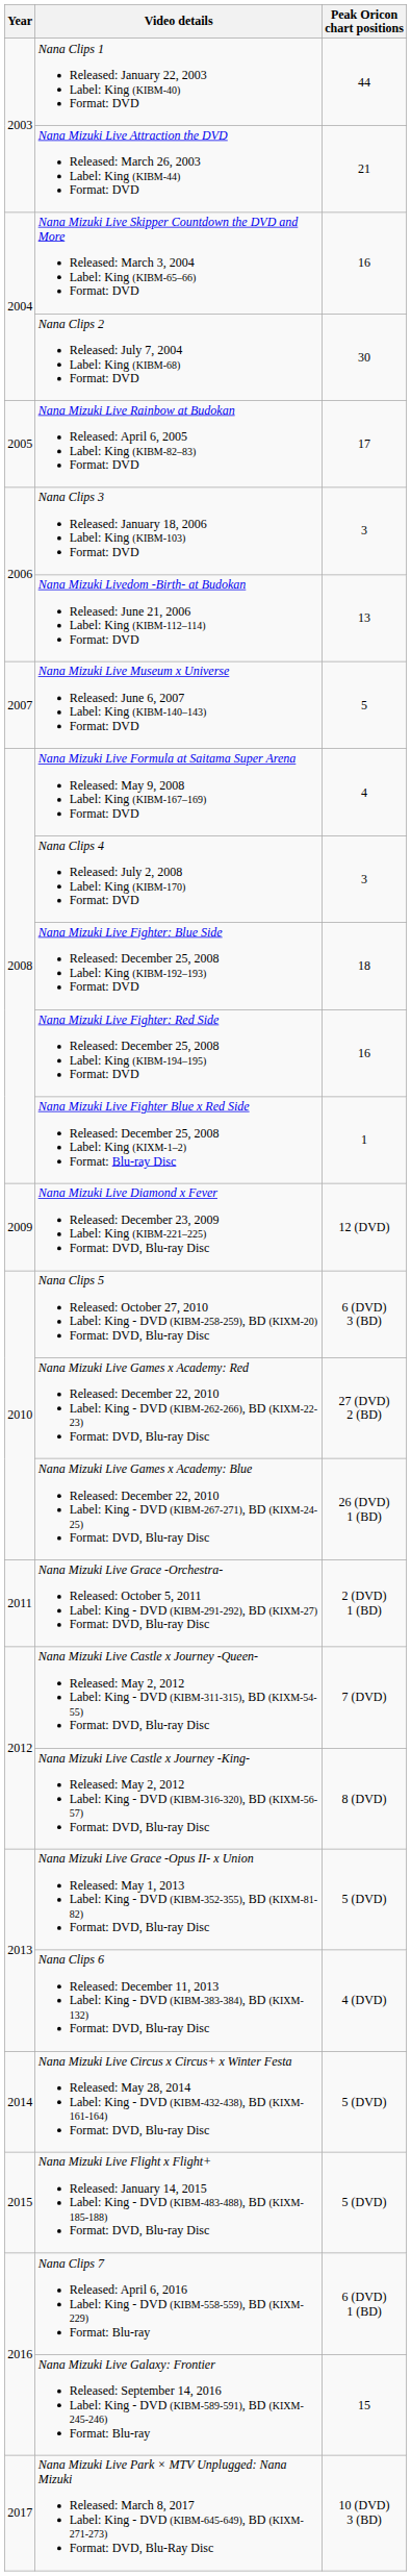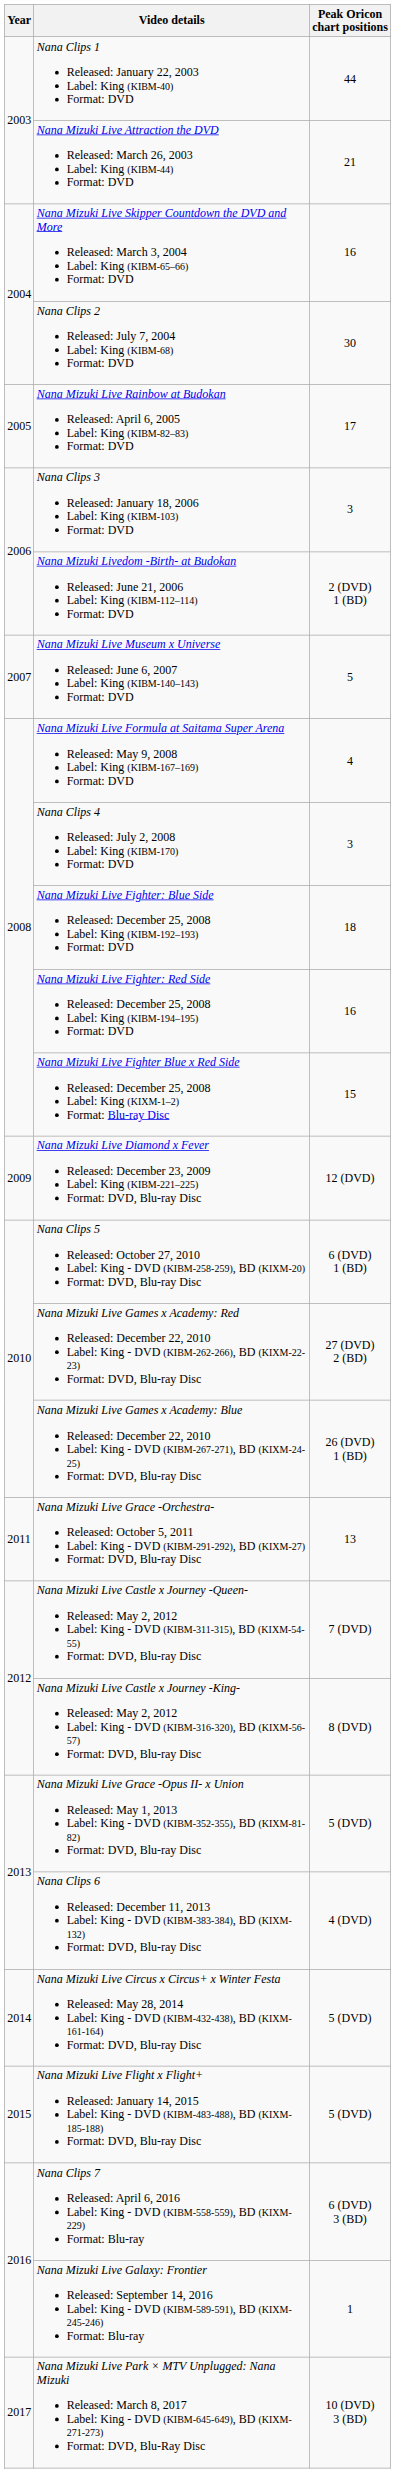 <table class="wikitable" border="1">
 <tr>
 <th rowspan="1">Year</th>
 <th rowspan="1" width="360">Video details</th>
 <th colspan="1">Peak Oricon<br> chart positions</th>
 </tr>
 <tr>
 <td rowspan="2">2003</td>
 <td align="left"><em>Nana Clips 1</em><br><ul><li>Released: January 22, 2003</li><li>Label: King <small>(KIBM-40)</small></li><li>Format: DVD</li></ul></td>
 <td align="center">44</td>
 </tr>
 <tr>
 <td align="left"><em><a href='#'>Nana Mizuki Live Attraction the DVD</a></em><br><ul><li>Released: March 26, 2003</li><li>Label: King <small>(KIBM-44)</small></li><li>Format: DVD</li></ul></td>
 <td align="center">21</td>
 </tr>
 <tr>
 <td rowspan="2">2004</td>
 <td align="left"><em><a href='#'>Nana Mizuki Live Skipper Countdown the DVD and More</a></em><br><ul><li>Released: March 3, 2004</li><li>Label: King <small>(KIBM-65–66)</small></li><li>Format: DVD</li></ul></td>
 <td align="center">16</td>
 </tr>
 <tr>
 <td align="left"><em>Nana Clips 2</em><br><ul><li>Released: July 7, 2004</li><li>Label: King <small>(KIBM-68)</small></li><li>Format: DVD</li></ul></td>
 <td align="center">30</td>
 </tr>
 <tr>
 <td>2005</td>
 <td align="left"><em><a href='#'>Nana Mizuki Live Rainbow at Budokan</a></em><br><ul><li>Released: April 6, 2005</li><li>Label: King <small>(KIBM-82–83)</small></li><li>Format: DVD</li></ul></td>
 <td align="center">17</td>
 </tr>
 <tr>
 <td rowspan="2">2006</td>
 <td align="left"><em>Nana Clips 3</em><br><ul><li>Released: January 18, 2006</li><li>Label: King <small>(KIBM-103)</small></li><li>Format: DVD</li></ul></td>
 <td align="center">3</td>
 </tr>
 <tr>
 <td align="left"><em><a href='#'>Nana Mizuki Livedom -Birth- at Budokan</a></em><br><ul><li>Released: June 21, 2006</li><li>Label: King <small>(KIBM-112–114)</small></li><li>Format: DVD</li></ul></td>
-<td align="center">13</td>
+<td align="center">2 (DVD)<br>1 (BD)</td>
 </tr>
 <tr>
 <td>2007</td>
 <td align="left"><em><a href='#'>Nana Mizuki Live Museum x Universe</a></em><br><ul><li>Released: June 6, 2007</li><li>Label: King <small>(KIBM-140–143)</small></li><li>Format: DVD</li></ul></td>
 <td align="center">5</td>
 </tr>
 <tr>
 <td rowspan="5">2008</td>
 <td align="left"><em><a href='#'>Nana Mizuki Live Formula at Saitama Super Arena</a></em><br><ul><li>Released: May 9, 2008</li><li>Label: King <small>(KIBM-167–169)</small></li><li>Format: DVD</li></ul></td>
 <td align="center">4</td>
 </tr>
 <tr>
 <td align="left"><em>Nana Clips 4</em><br><ul><li>Released: July 2, 2008</li><li>Label: King <small>(KIBM-170)</small></li><li>Format: DVD</li></ul></td>
 <td align="center">3</td>
 </tr>
 <tr>
 <td align="left"><em><a href='#'>Nana Mizuki Live Fighter: Blue Side</a></em><br><ul><li>Released: December 25, 2008</li><li>Label: King <small>(KIBM-192–193)</small></li><li>Format: DVD</li></ul></td>
 <td align="center">18</td>
 </tr>
 <tr>
 <td align="left"><em><a href='#'>Nana Mizuki Live Fighter: Red Side</a></em><br><ul><li>Released: December 25, 2008</li><li>Label: King <small>(KIBM-194–195)</small></li><li>Format: DVD</li></ul></td>
 <td align="center">16</td>
 </tr>
 <tr>
 <td align="left"><em><a href='#'>Nana Mizuki Live Fighter Blue x Red Side</a></em><br><ul><li>Released: December 25, 2008</li><li>Label: King <small>(KIXM-1–2)</small></li><li>Format: <a href='#'>Blu-ray Disc</a></li></ul></td>
-<td style="text-align:center">1</td>
+<td align="center">15</td>
 </tr>
 <tr>
 <td>2009</td>
 <td align="left"><em><a href='#'>Nana Mizuki Live Diamond x Fever</a></em><br><ul><li>Released: December 23, 2009</li><li>Label: King <small>(KIBM-221–225)</small></li><li>Format: DVD, Blu-ray Disc</li></ul></td>
 <td align="center">12 (DVD)</td>
 </tr>
 <tr>
 <td rowspan="3">2010</td>
 <td align="left"><em>Nana Clips 5</em><br><ul><li>Released: October 27, 2010</li><li>Label: King - DVD <small>(KIBM-258-259)</small>, BD <small>(KIXM-20)</small></li><li>Format: DVD, Blu-ray Disc</li></ul></td>
-<td style="text-align:center">6 (DVD)<br>3 (BD)</td>
+<td align="center">6 (DVD)<br>1 (BD)</td>
 </tr>
 <tr>
 <td align="left"><em>Nana Mizuki Live Games x Academy: Red</em><br><ul><li>Released: December 22, 2010</li><li>Label: King - DVD <small>(KIBM-262-266)</small>, BD <small>(KIXM-22-23)</small></li><li>Format: DVD, Blu-ray Disc</li></ul></td>
 <td align="center">27 (DVD)<br>2 (BD)</td>
 </tr>
 <tr>
 <td align="left"><em>Nana Mizuki Live Games x Academy: Blue</em><br><ul><li>Released: December 22, 2010</li><li>Label: King - DVD <small>(KIBM-267-271)</small>, BD <small>(KIXM-24-25)</small></li><li>Format: DVD, Blu-ray Disc</li></ul></td>
 <td align="center">26 (DVD)<br>1 (BD)<br></td>
 </tr>
 <tr>
 <td rowspan="1">2011</td>
 <td align="left"><em>Nana Mizuki Live Grace -Orchestra-</em><br><ul><li>Released: October 5, 2011</li><li>Label: King - DVD <small>(KIBM-291-292)</small>, BD <small>(KIXM-27)</small></li><li>Format: DVD, Blu-ray Disc</li></ul></td>
-<td align="center">2 (DVD)<br>1 (BD)</td>
+<td align="center">13</td>
 </tr>
 <tr>
 <td rowspan="2">2012</td>
 <td align="left"><em>Nana Mizuki Live Castle x Journey -Queen-</em><br><ul><li>Released: May 2, 2012</li><li>Label: King - DVD <small>(KIBM-311-315)</small>, BD <small>(KIXM-54-55)</small></li><li>Format: DVD, Blu-ray Disc</li></ul></td>
 <td align="center">7 (DVD)</td>
 </tr>
 <tr>
 <td align="left"><em>Nana Mizuki Live Castle x Journey -King-</em><br><ul><li>Released: May 2, 2012</li><li>Label: King - DVD <small>(KIBM-316-320)</small>, BD <small>(KIXM-56-57)</small></li><li>Format: DVD, Blu-ray Disc</li></ul></td>
 <td align="center">8 (DVD)</td>
 </tr>
 <tr>
 <td rowspan="2">2013</td>
 <td align="left"><em>Nana Mizuki Live Grace -Opus II- x Union</em><br><ul><li>Released: May 1, 2013</li><li>Label: King - DVD <small>(KIBM-352-355)</small>, BD <small>(KIXM-81-82)</small></li><li>Format: DVD, Blu-ray Disc</li></ul></td>
 <td align="center">5 (DVD)</td>
 </tr>
 <tr>
 <td align="left"><em>Nana Clips 6</em><br><ul><li>Released: December 11, 2013</li><li>Label: King - DVD <small>(KIBM-383-384)</small>, BD <small>(KIXM-132)</small></li><li>Format: DVD, Blu-ray Disc</li></ul></td>
 <td align="center">4 (DVD)</td>
 </tr>
 <tr>
 <td>2014</td>
 <td align="left"><em>Nana Mizuki Live Circus x Circus+ x Winter Festa</em><br><ul><li>Released: May 28, 2014</li><li>Label: King - DVD <small>(KIBM-432-438)</small>, BD <small>(KIXM-161-164)</small></li><li>Format: DVD, Blu-ray Disc</li></ul></td>
 <td align="center">5 (DVD)</td>
 </tr>
 <tr>
 <td rowspan="1">2015</td>
 <td align="left"><em>Nana Mizuki Live Flight x Flight+</em><br><ul><li>Released: January 14, 2015</li><li>Label: King - DVD <small>(KIBM-483-488)</small>, BD <small>(KIXM-185-188)</small></li><li>Format: DVD, Blu-ray Disc</li></ul></td>
 <td align="center">5 (DVD)</td>
 </tr>
 <tr>
 <td rowspan="2">2016</td>
 <td align="left"><em>Nana Clips 7</em><br><ul><li>Released: April 6, 2016</li><li>Label: King - DVD <small>(KIBM-558-559)</small>, BD <small>(KIXM-229)</small></li><li>Format: Blu-ray</li></ul></td>
-<td align="center">6 (DVD)<br>1 (BD)</td>
+<td style="text-align:center">6 (DVD)<br>3 (BD)</td>
 </tr>
 <tr>
 <td align="left"><em>Nana Mizuki Live Galaxy: Frontier</em><br><ul><li>Released: September 14, 2016</li><li>Label: King - DVD <small>(KIBM-589-591)</small>, BD <small>(KIXM-245-246)</small></li><li>Format: Blu-ray</li></ul></td>
-<td align="center">15</td>
+<td style="text-align:center">1</td>
 </tr>
 <tr>
 <td rowspan="1">2017</td>
 <td align="left"><em>Nana Mizuki Live Park × MTV Unplugged: Nana Mizuki</em><br><ul><li>Released: March 8, 2017</li><li>Label: King - DVD <small>(KIBM-645-649)</small>, BD <small>(KIXM-271-273)</small></li><li>Format: DVD, Blu-Ray Disc</li></ul></td>
 <td style="text-align:center">10 (DVD)<br>3 (BD)</td>
 </tr>
 </table>
